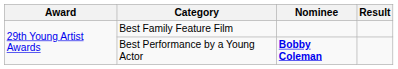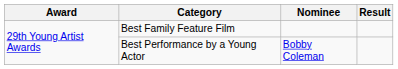 <table class="wikitable">
 <tr>
 <th>Award</th>
 <th>Category</th>
 <th>Nominee</th>
 <th>Result</th>
 </tr>
 <tr>
 <td rowspan=2><a href='#'>29th Young Artist Awards</a></td>
 <td>Best Family Feature Film</td>
 <td></td>
 <td></td>
 </tr>
 <tr>
 <td>Best Performance by a Young Actor</td>
-<td><strong><a href='#'>Bobby Coleman</a></strong></td>
+<td><a href='#'>Bobby Coleman</a></td>
 <td></td>
 </tr>
 </table>
